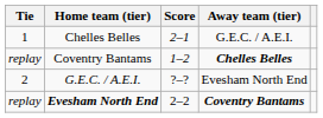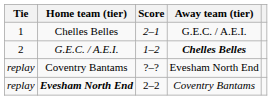 <table class="wikitable" style="text-align:center; font-size:85%">
 <tr>
 <th>Tie</th>
 <th>Home team (tier)</th>
 <th>Score</th>
 <th>Away team (tier)</th>
 <th></th>
 </tr>
 <tr>
 <td align="center">1</td>
 <td>Chelles Belles</td>
 <td align="center"><em>2–1</em></td>
 <td>G.E.C. / A.E.I.</td>
 <td></td>
 </tr>
 <tr>
-<td align="center"><em>replay</em></td>
-<td>Coventry Bantams</td>
+<td align="center">2</td>
+<td><em>G.E.C. / A.E.I.</em></td>
 <td align="center"><em>1–2</em></td>
 <td><strong><em>Chelles Belles</em></strong></td>
 <td></td>
 </tr>
 <tr>
-<td align="center">2</td>
-<td><em>G.E.C. / A.E.I.</em></td>
+<td align="center"><em>replay</em></td>
+<td>Coventry Bantams</td>
 <td align="center">?–? </td>
 <td>Evesham North End</td>
 <td></td>
 </tr>
 <tr>
 <td align="center"><em>replay</em></td>
 <td><strong><em>Evesham North End</em></strong></td>
 <td align="center">2–2 </td>
-<td><strong><em>Coventry Bantams</em></strong></td>
+<td><em>Coventry Bantams</em></td>
 <td></td>
 </tr>
 </table>
